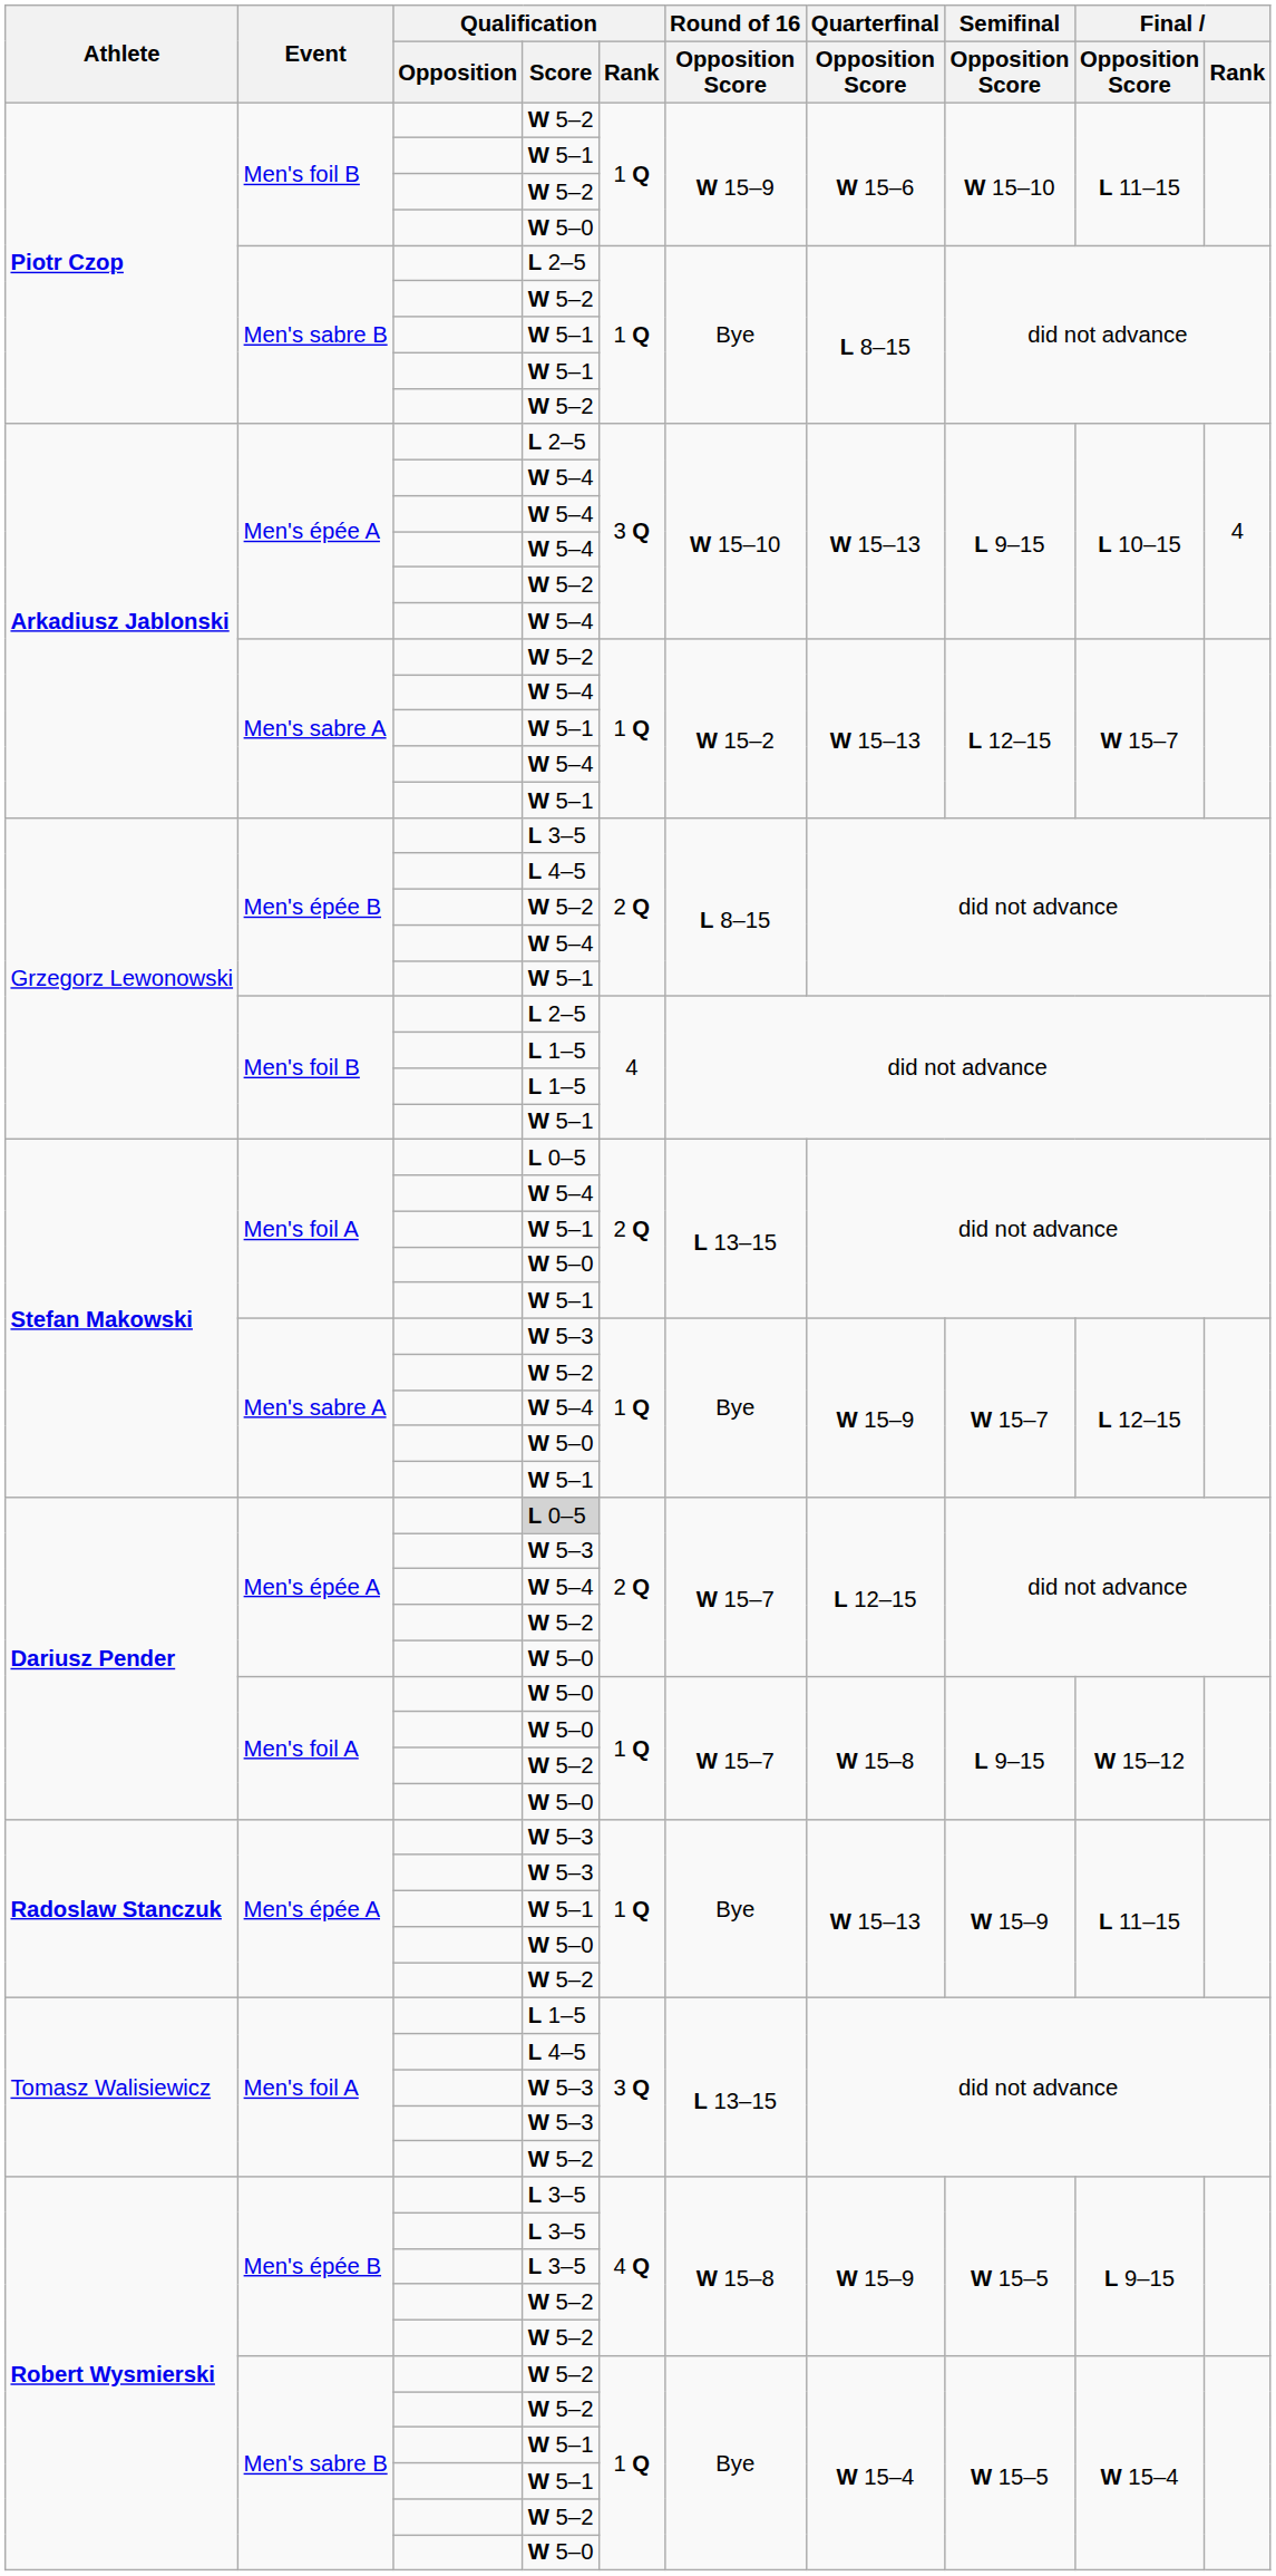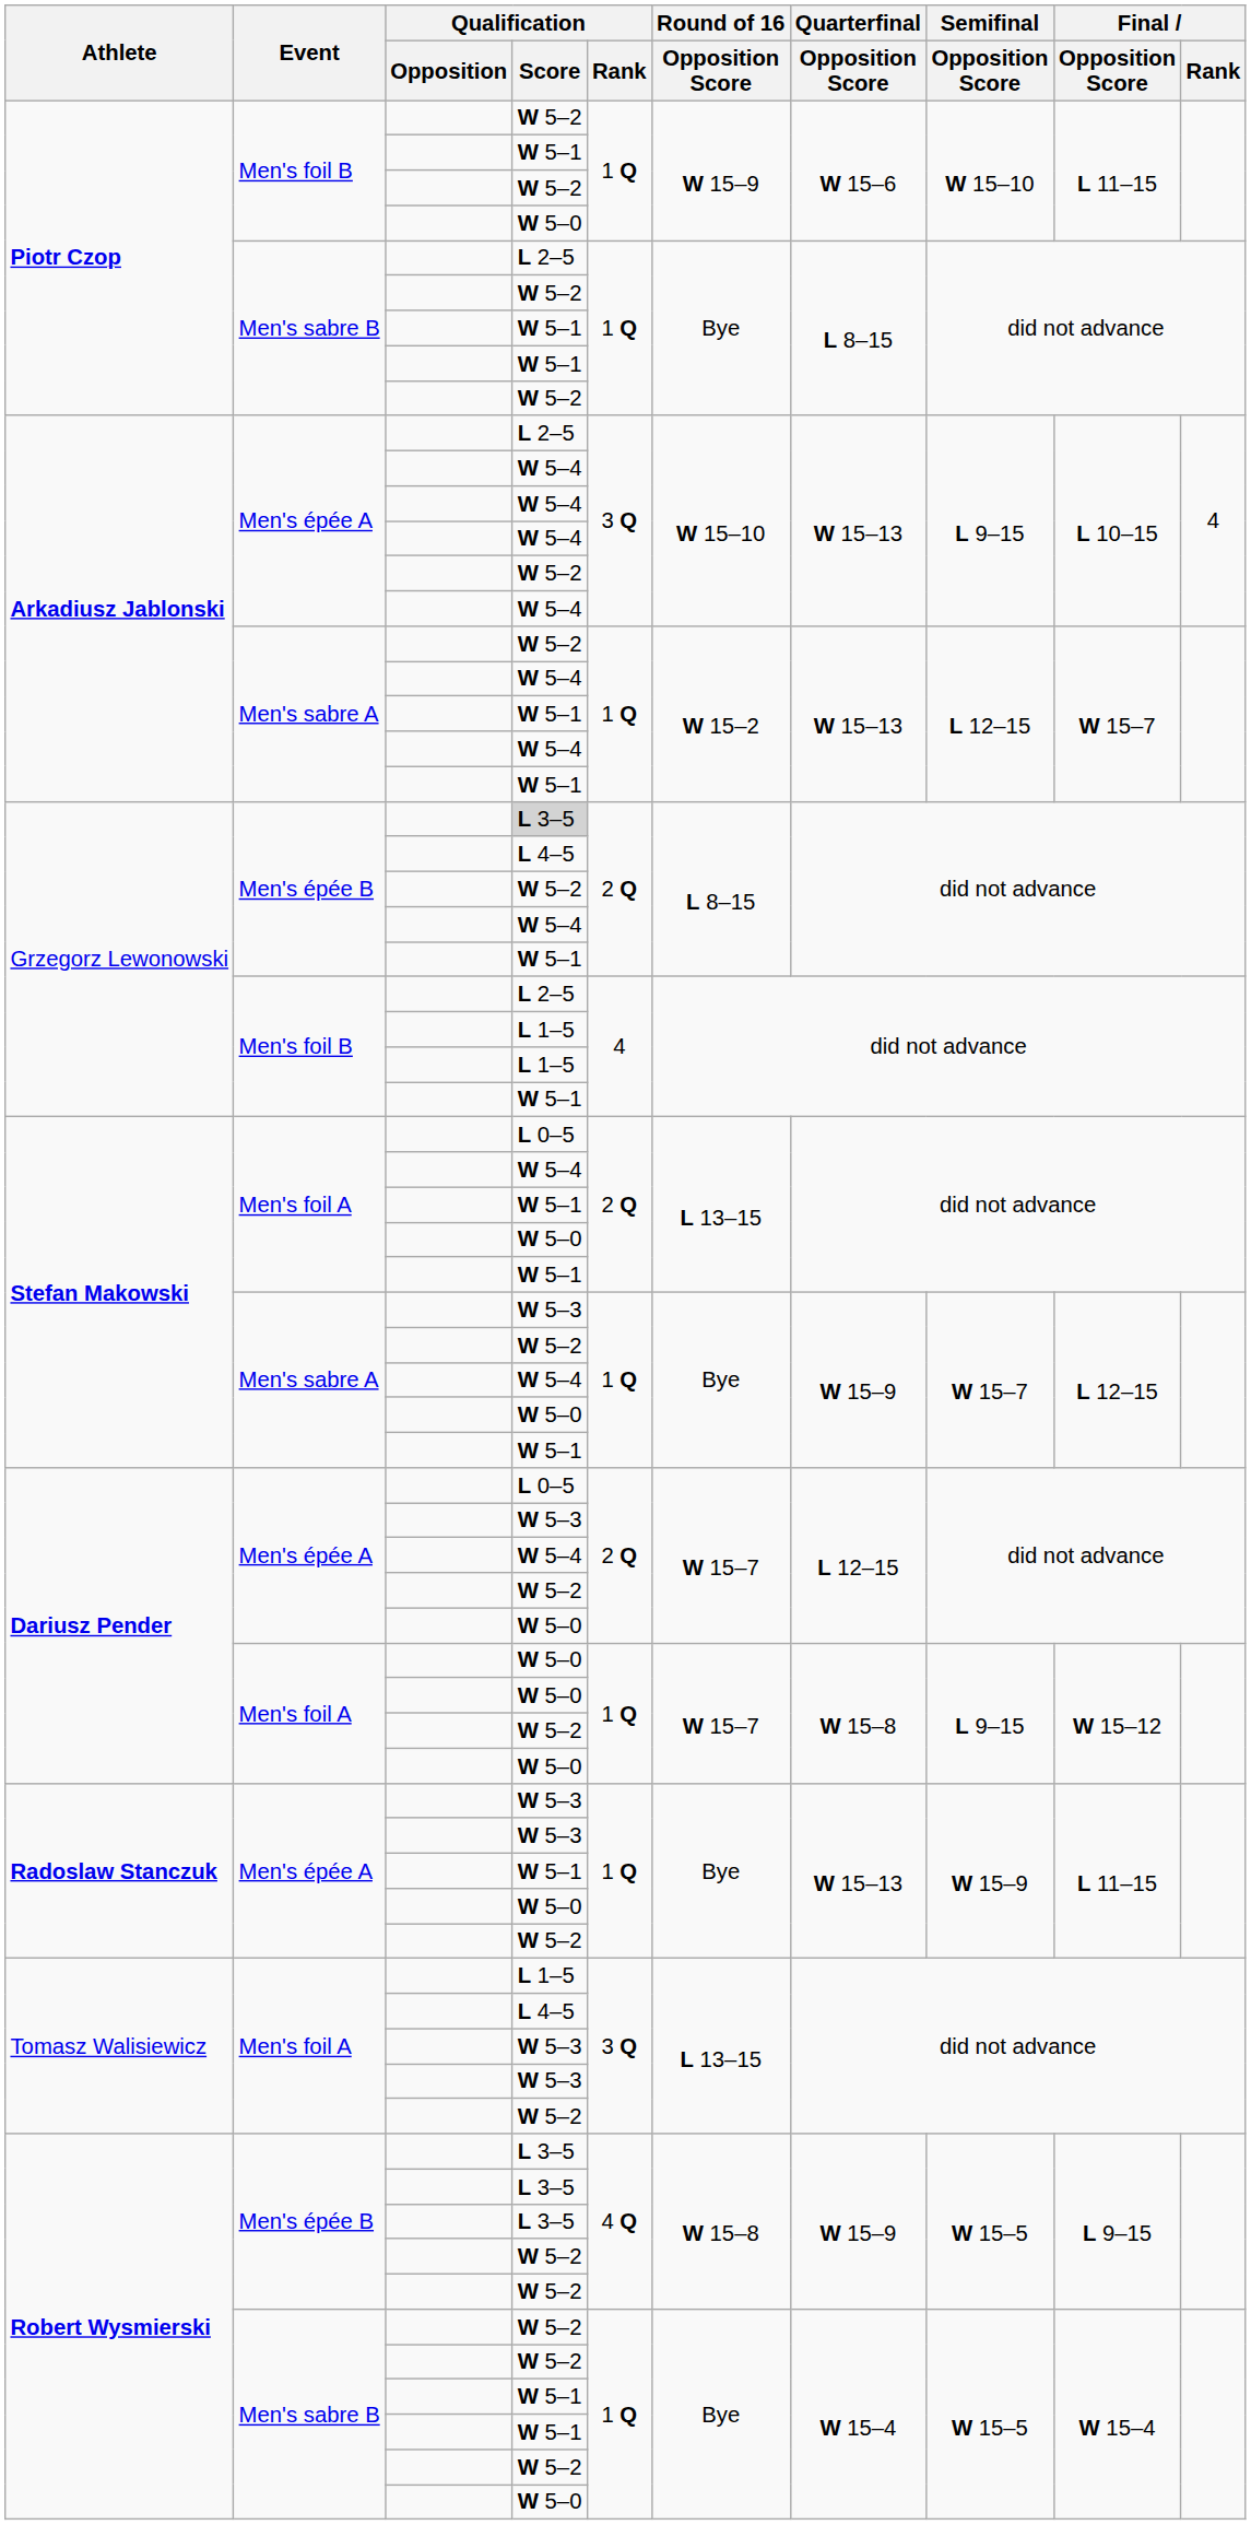 <table class=wikitable style="font-size:90%">
 <tr>
 <th rowspan="2">Athlete</th>
 <th rowspan="2">Event</th>
 <th colspan="3">Qualification</th>
 <th>Round of 16</th>
 <th>Quarterfinal</th>
 <th>Semifinal</th>
 <th colspan="2">Final / </th>
 </tr>
 <tr>
 <th>Opposition</th>
 <th>Score</th>
 <th>Rank</th>
 <th>Opposition<br>Score</th>
 <th>Opposition<br>Score</th>
 <th>Opposition<br>Score</th>
 <th>Opposition<br>Score</th>
 <th>Rank</th>
 </tr>
 <tr>
 <td rowspan=9><strong><a href='#'>Piotr Czop</a></strong></td>
 <td rowspan=4><a href='#'>Men's foil B</a></td>
 <td></td>
 <td><strong>W</strong> 5–2</td>
 <td align="center" rowspan=4>1 <strong>Q</strong></td>
 <td align="center" rowspan=4><br><strong>W</strong> 15–9</td>
 <td align="center" rowspan=4><br><strong>W</strong> 15–6</td>
 <td align="center" rowspan=4><br><strong>W</strong> 15–10</td>
 <td align="center" rowspan=4><br><strong>L</strong> 11–15</td>
 <td align="center" rowspan=4></td>
 </tr>
 <tr>
 <td></td>
 <td><strong>W</strong> 5–1</td>
 </tr>
 <tr>
 <td></td>
 <td><strong>W</strong> 5–2</td>
 </tr>
 <tr>
 <td></td>
 <td><strong>W</strong> 5–0</td>
 </tr>
 <tr>
 <td rowspan=5><a href='#'>Men's sabre B</a></td>
 <td></td>
 <td><strong>L</strong> 2–5</td>
 <td align="center" rowspan=5>1 <strong>Q</strong></td>
 <td align="center" rowspan=5>Bye</td>
 <td align="center" rowspan=5><br><strong>L</strong> 8–15</td>
 <td align="center" rowspan=5 colspan=3>did not advance</td>
 </tr>
 <tr>
 <td></td>
 <td><strong>W</strong> 5–2</td>
 </tr>
 <tr>
 <td></td>
 <td><strong>W</strong> 5–1</td>
 </tr>
 <tr>
 <td></td>
 <td><strong>W</strong> 5–1</td>
 </tr>
 <tr>
 <td></td>
 <td><strong>W</strong> 5–2</td>
 </tr>
 <tr>
 <td rowspan=11><strong><a href='#'>Arkadiusz Jablonski</a></strong></td>
 <td rowspan=6><a href='#'>Men's épée A</a></td>
 <td></td>
 <td><strong>L</strong> 2–5</td>
 <td align="center" rowspan=6>3 <strong>Q</strong></td>
 <td align="center" rowspan=6><br><strong>W</strong> 15–10</td>
 <td align="center" rowspan=6><br><strong>W</strong> 15–13</td>
 <td align="center" rowspan=6><br><strong>L</strong> 9–15</td>
 <td align="center" rowspan=6><br><strong>L</strong> 10–15</td>
 <td align="center" rowspan=6>4</td>
 </tr>
 <tr>
 <td></td>
 <td><strong>W</strong> 5–4</td>
 </tr>
 <tr>
 <td></td>
 <td><strong>W</strong> 5–4</td>
 </tr>
 <tr>
 <td></td>
 <td><strong>W</strong> 5–4</td>
 </tr>
 <tr>
 <td></td>
 <td><strong>W</strong> 5–2</td>
 </tr>
 <tr>
 <td></td>
 <td><strong>W</strong> 5–4</td>
 </tr>
 <tr>
 <td rowspan=5><a href='#'>Men's sabre A</a></td>
 <td></td>
 <td><strong>W</strong> 5–2</td>
 <td align="center" rowspan=5>1 <strong>Q</strong></td>
 <td align="center" rowspan=5><br><strong>W</strong> 15–2</td>
 <td align="center" rowspan=5><br><strong>W</strong> 15–13</td>
 <td align="center" rowspan=5><br><strong>L</strong> 12–15</td>
 <td align="center" rowspan=5><br><strong>W</strong> 15–7</td>
 <td align="center" rowspan=5></td>
 </tr>
 <tr>
 <td></td>
 <td><strong>W</strong> 5–4</td>
 </tr>
 <tr>
 <td></td>
 <td><strong>W</strong> 5–1</td>
 </tr>
 <tr>
 <td></td>
 <td><strong>W</strong> 5–4</td>
 </tr>
 <tr>
 <td></td>
 <td><strong>W</strong> 5–1</td>
 </tr>
 <tr>
 <td rowspan=9><a href='#'>Grzegorz Lewonowski</a></td>
 <td rowspan=5><a href='#'>Men's épée B</a></td>
 <td></td>
-<td><strong>L</strong> 3–5</td>
+<td style="background: lightgrey;"><strong>L</strong> 3–5</td>
 <td align="center" rowspan=5>2 <strong>Q</strong></td>
 <td align="center" rowspan=5><br><strong>L</strong> 8–15</td>
 <td align="center" rowspan=5 colspan=4>did not advance</td>
 </tr>
 <tr>
 <td></td>
 <td><strong>L</strong> 4–5</td>
 </tr>
 <tr>
 <td></td>
 <td><strong>W</strong> 5–2</td>
 </tr>
 <tr>
 <td></td>
 <td><strong>W</strong> 5–4</td>
 </tr>
 <tr>
 <td></td>
 <td><strong>W</strong> 5–1</td>
 </tr>
 <tr>
 <td rowspan=4><a href='#'>Men's foil B</a></td>
 <td></td>
 <td><strong>L</strong> 2–5</td>
 <td align="center" rowspan=4>4</td>
 <td align="center" rowspan=4 colspan=5>did not advance</td>
 </tr>
 <tr>
 <td></td>
 <td><strong>L</strong> 1–5</td>
 </tr>
 <tr>
 <td></td>
 <td><strong>L</strong> 1–5</td>
 </tr>
 <tr>
 <td></td>
 <td><strong>W</strong> 5–1</td>
 </tr>
 <tr>
 <td rowspan=10><strong><a href='#'>Stefan Makowski</a></strong></td>
 <td rowspan=5><a href='#'>Men's foil A</a></td>
 <td></td>
 <td><strong>L</strong> 0–5</td>
 <td align="center" rowspan=5>2 <strong>Q</strong></td>
 <td align="center" rowspan=5><br><strong>L</strong> 13–15</td>
 <td align="center" rowspan=5 colspan=4>did not advance</td>
 </tr>
 <tr>
 <td></td>
 <td><strong>W</strong> 5–4</td>
 </tr>
 <tr>
 <td></td>
 <td><strong>W</strong> 5–1</td>
 </tr>
 <tr>
 <td></td>
 <td><strong>W</strong> 5–0</td>
 </tr>
 <tr>
 <td></td>
 <td><strong>W</strong> 5–1</td>
 </tr>
 <tr>
 <td rowspan=5><a href='#'>Men's sabre A</a></td>
 <td></td>
 <td><strong>W</strong> 5–3</td>
 <td align="center" rowspan=5>1 <strong>Q</strong></td>
 <td align="center" rowspan=5>Bye</td>
 <td align="center" rowspan=5><br><strong>W</strong> 15–9</td>
 <td align="center" rowspan=5><br><strong>W</strong> 15–7</td>
 <td align="center" rowspan=5><br><strong>L</strong> 12–15</td>
 <td align="center" rowspan=5></td>
 </tr>
 <tr>
 <td></td>
 <td><strong>W</strong> 5–2</td>
 </tr>
 <tr>
 <td></td>
 <td><strong>W</strong> 5–4</td>
 </tr>
 <tr>
 <td></td>
 <td><strong>W</strong> 5–0</td>
 </tr>
 <tr>
 <td></td>
 <td><strong>W</strong> 5–1</td>
 </tr>
 <tr>
 <td rowspan=9><strong><a href='#'>Dariusz Pender</a></strong></td>
 <td rowspan=5><a href='#'>Men's épée A</a></td>
 <td></td>
-<td style="background: lightgrey;"><strong>L</strong> 0–5</td>
+<td><strong>L</strong> 0–5</td>
 <td align="center" rowspan=5>2 <strong>Q</strong></td>
 <td align="center" rowspan=5><br><strong>W</strong> 15–7</td>
 <td align="center" rowspan=5><br><strong>L</strong> 12–15</td>
 <td align="center" rowspan=5 colspan=3>did not advance</td>
 </tr>
 <tr>
 <td></td>
 <td><strong>W</strong> 5–3</td>
 </tr>
 <tr>
 <td></td>
 <td><strong>W</strong> 5–4</td>
 </tr>
 <tr>
 <td></td>
 <td><strong>W</strong> 5–2</td>
 </tr>
 <tr>
 <td></td>
 <td><strong>W</strong> 5–0</td>
 </tr>
 <tr>
 <td rowspan=4><a href='#'>Men's foil A</a></td>
 <td></td>
 <td><strong>W</strong> 5–0</td>
 <td align="center" rowspan=4>1 <strong>Q</strong></td>
 <td align="center" rowspan=4><br><strong>W</strong> 15–7</td>
 <td align="center" rowspan=4><br><strong>W</strong> 15–8</td>
 <td align="center" rowspan=4><br><strong>L</strong> 9–15</td>
 <td align="center" rowspan=4><br><strong>W</strong> 15–12</td>
 <td align="center" rowspan=4></td>
 </tr>
 <tr>
 <td></td>
 <td><strong>W</strong> 5–0</td>
 </tr>
 <tr>
 <td></td>
 <td><strong>W</strong> 5–2</td>
 </tr>
 <tr>
 <td></td>
 <td><strong>W</strong> 5–0</td>
 </tr>
 <tr>
 <td rowspan=5><strong><a href='#'>Radoslaw Stanczuk</a></strong></td>
 <td rowspan=5><a href='#'>Men's épée A</a></td>
 <td></td>
 <td><strong>W</strong> 5–3</td>
 <td align="center" rowspan=5>1 <strong>Q</strong></td>
 <td align="center" rowspan=5>Bye</td>
 <td align="center" rowspan=5><br><strong>W</strong> 15–13</td>
 <td align="center" rowspan=5><br><strong>W</strong> 15–9</td>
 <td align="center" rowspan=5><br><strong>L</strong> 11–15</td>
 <td align="center" rowspan=5></td>
 </tr>
 <tr>
 <td></td>
 <td><strong>W</strong> 5–3</td>
 </tr>
 <tr>
 <td></td>
 <td><strong>W</strong> 5–1</td>
 </tr>
 <tr>
 <td></td>
 <td><strong>W</strong> 5–0</td>
 </tr>
 <tr>
 <td></td>
 <td><strong>W</strong> 5–2</td>
 </tr>
 <tr>
 <td rowspan=5><a href='#'>Tomasz Walisiewicz</a></td>
 <td rowspan=5><a href='#'>Men's foil A</a></td>
 <td></td>
 <td><strong>L</strong> 1–5</td>
 <td align="center" rowspan=5>3 <strong>Q</strong></td>
 <td align="center" rowspan=5><br><strong>L</strong> 13–15</td>
 <td align="center" rowspan=5 colspan=4>did not advance</td>
 </tr>
 <tr>
 <td></td>
 <td><strong>L</strong> 4–5</td>
 </tr>
 <tr>
 <td></td>
 <td><strong>W</strong> 5–3</td>
 </tr>
 <tr>
 <td></td>
 <td><strong>W</strong> 5–3</td>
 </tr>
 <tr>
 <td></td>
 <td><strong>W</strong> 5–2</td>
 </tr>
 <tr>
 <td rowspan=11><strong><a href='#'>Robert Wysmierski</a></strong></td>
 <td rowspan=5><a href='#'>Men's épée B</a></td>
 <td></td>
 <td><strong>L</strong> 3–5</td>
 <td align="center" rowspan=5>4 <strong>Q</strong></td>
 <td align="center" rowspan=5><br><strong>W</strong> 15–8</td>
 <td align="center" rowspan=5><br><strong>W</strong> 15–9</td>
 <td align="center" rowspan=5><br><strong>W</strong> 15–5</td>
 <td align="center" rowspan=5><br><strong>L</strong> 9–15</td>
 <td align="center" rowspan=5></td>
 </tr>
 <tr>
 <td></td>
 <td><strong>L</strong> 3–5</td>
 </tr>
 <tr>
 <td></td>
 <td><strong>L</strong> 3–5</td>
 </tr>
 <tr>
 <td></td>
 <td><strong>W</strong> 5–2</td>
 </tr>
 <tr>
 <td></td>
 <td><strong>W</strong> 5–2</td>
 </tr>
 <tr>
 <td rowspan=6><a href='#'>Men's sabre B</a></td>
 <td></td>
 <td><strong>W</strong> 5–2</td>
 <td align="center" rowspan=6>1 <strong>Q</strong></td>
 <td align="center" rowspan=6>Bye</td>
 <td align="center" rowspan=6><br><strong>W</strong> 15–4</td>
 <td align="center" rowspan=6><br><strong>W</strong> 15–5</td>
 <td align="center" rowspan=6><br><strong>W</strong> 15–4</td>
 <td align="center" rowspan=6></td>
 </tr>
 <tr>
 <td></td>
 <td><strong>W</strong> 5–2</td>
 </tr>
 <tr>
 <td></td>
 <td><strong>W</strong> 5–1</td>
 </tr>
 <tr>
 <td></td>
 <td><strong>W</strong> 5–1</td>
 </tr>
 <tr>
 <td></td>
 <td><strong>W</strong> 5–2</td>
 </tr>
 <tr>
 <td></td>
 <td><strong>W</strong> 5–0</td>
 </tr>
 </table>
